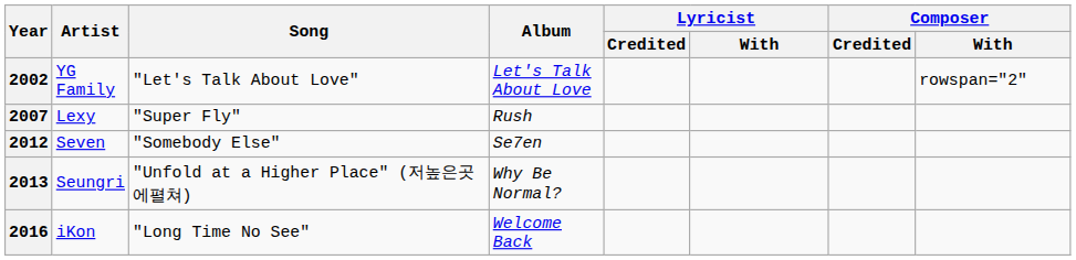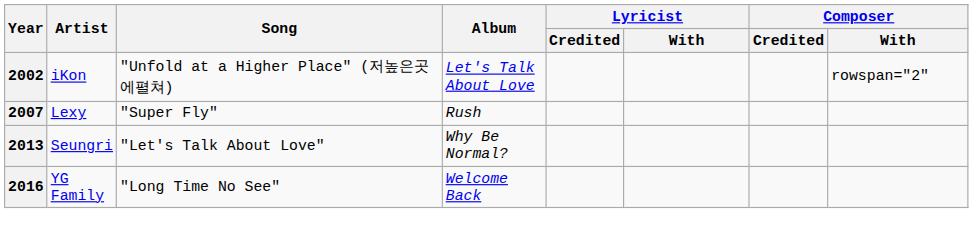 <table class="wikitable sortable plainrowheaders">
 <tr>
 <th rowspan="2" style="width:2em;">Year</th>
 <th rowspan="2" style="width:3.7em;">Artist</th>
 <th rowspan="2" style="width:21.5em;">Song</th>
 <th rowspan="2" style="width:6.5em;">Album</th>
 <th colspan="2"><a href='#'>Lyricist</a></th>
 <th colspan="2"><a href='#'>Composer</a></th>
 </tr>
 <tr>
 <th>Credited</th>
 <th style="width:8em;">With</th>
 <th>Credited</th>
 <th style="width:9em;">With</th>
 </tr>
 <tr>
 <th scope="row">2002</th>
-<td><a href='#'>YG Family</a></td>
-<td>"Let's Talk About Love" </td>
+<td><a href='#'>iKon</a></td>
+<td>"Unfold at a Higher Place" (저높은곳에펼쳐)</td>
 <td><em><a href='#'>Let's Talk About Love</a></em></td>
 <td></td>
 <td style="text-align:center"></td>
 <td></td>
 <td>rowspan="2" </td>
 </tr>
 <tr>
 <th scope="row">2007</th>
 <td><a href='#'>Lexy</a></td>
 <td>"Super Fly" </td>
 <td><em>Rush</em></td>
 <td></td>
 <td style="text-align:center"></td>
 <td></td>
 </tr>
 <tr>
-<th scope="row">2012</th>
-<td><a href='#'>Seven</a></td>
-<td>"Somebody Else"</td>
-<td><em>Se7en</em></td>
-<td></td>
-<td style="text-align:center"></td>
-<td></td>
-<td style="text-align:center"></td>
-</tr>
-<tr>
 <th scope="row">2013</th>
 <td><a href='#'>Seungri</a></td>
-<td>"Unfold at a Higher Place" (저높은곳에펼쳐)</td>
+<td>"Let's Talk About Love" </td>
 <td><em>Why Be Normal?</em></td>
 <td></td>
 <td style="text-align:center"></td>
 <td></td>
 <td style="text-align:center"></td>
 </tr>
 <tr>
 <th scope="row">2016</th>
-<td><a href='#'>iKon</a></td>
+<td><a href='#'>YG Family</a></td>
 <td>"Long Time No See"</td>
 <td><em><a href='#'>Welcome Back</a></em></td>
 <td></td>
 <td></td>
 <td></td>
 <td style="text-align:center"></td>
 </tr>
 </table>
